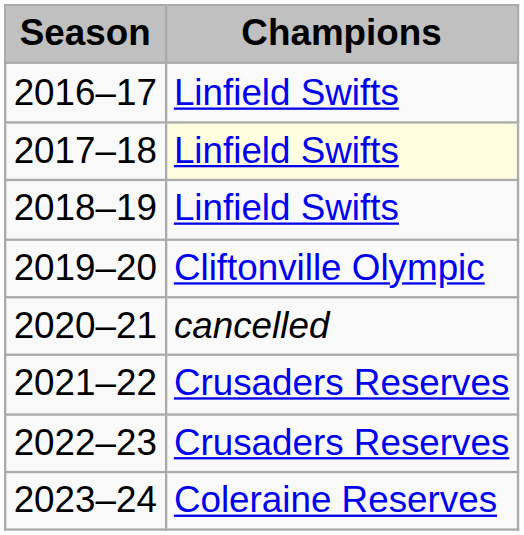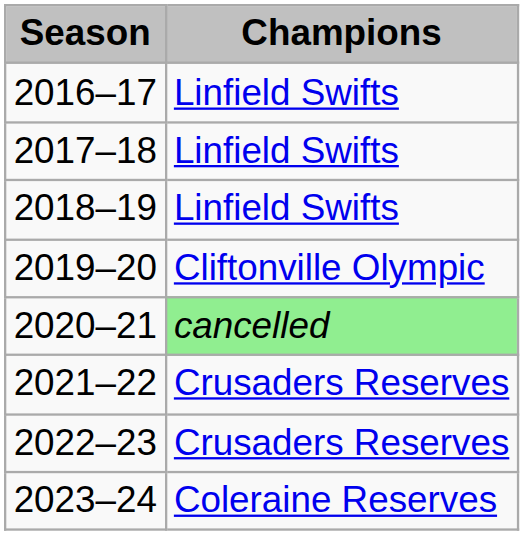 <table class="wikitable">
 <tr>
 <th style="background:silver;">Season</th>
 <th style="background:silver;">Champions</th>
 </tr>
 <tr>
 <td>2016–17</td>
 <td><a href='#'>Linfield Swifts</a></td>
 </tr>
 <tr>
 <td>2017–18</td>
-<td style="background: lightyellow;"><a href='#'>Linfield Swifts</a></td>
+<td><a href='#'>Linfield Swifts</a></td>
 </tr>
 <tr>
 <td>2018–19</td>
 <td><a href='#'>Linfield Swifts</a></td>
 </tr>
 <tr>
 <td>2019–20</td>
 <td><a href='#'>Cliftonville Olympic</a></td>
 </tr>
 <tr>
 <td>2020–21</td>
-<td><em>cancelled</em></td>
+<td style="background: lightgreen;"><em>cancelled</em></td>
 </tr>
 <tr>
 <td>2021–22</td>
 <td><a href='#'>Crusaders Reserves</a></td>
 </tr>
 <tr>
 <td>2022–23</td>
 <td><a href='#'>Crusaders Reserves</a></td>
 </tr>
 <tr>
 <td>2023–24</td>
 <td><a href='#'>Coleraine Reserves</a></td>
 </tr>
 </table>
